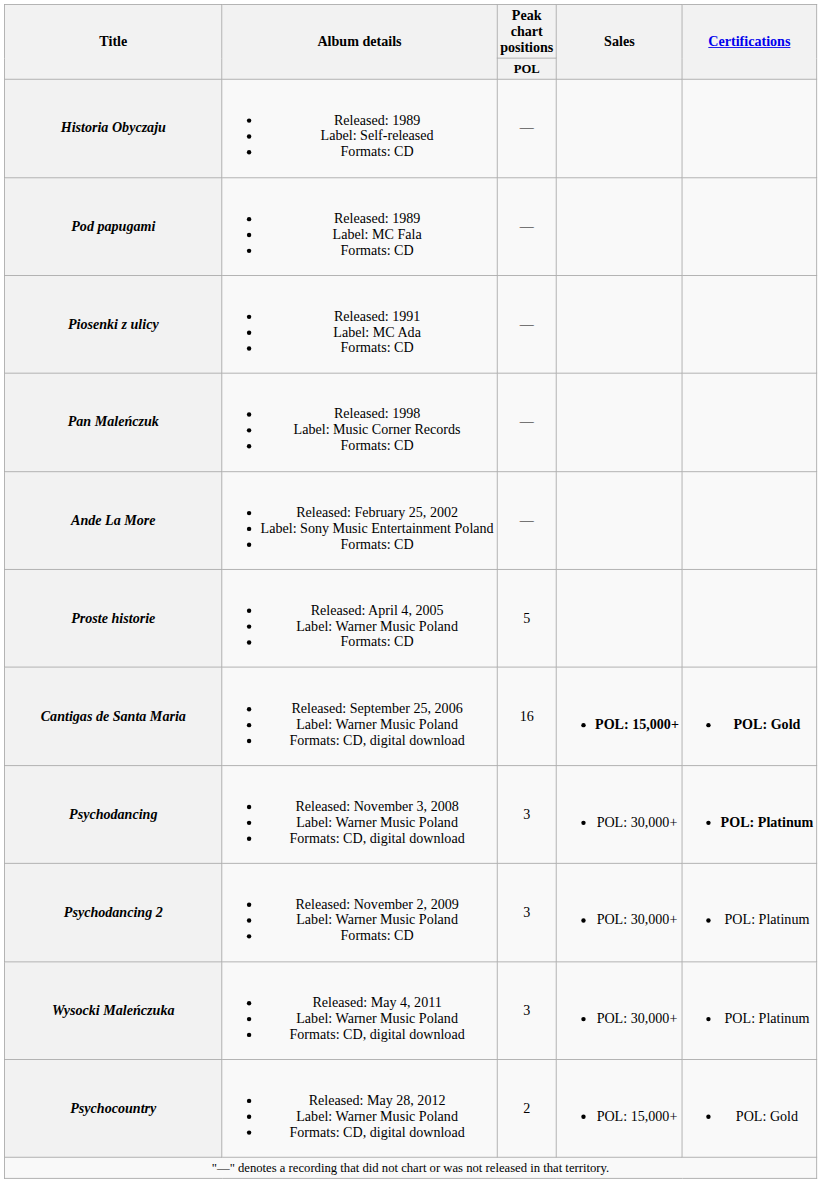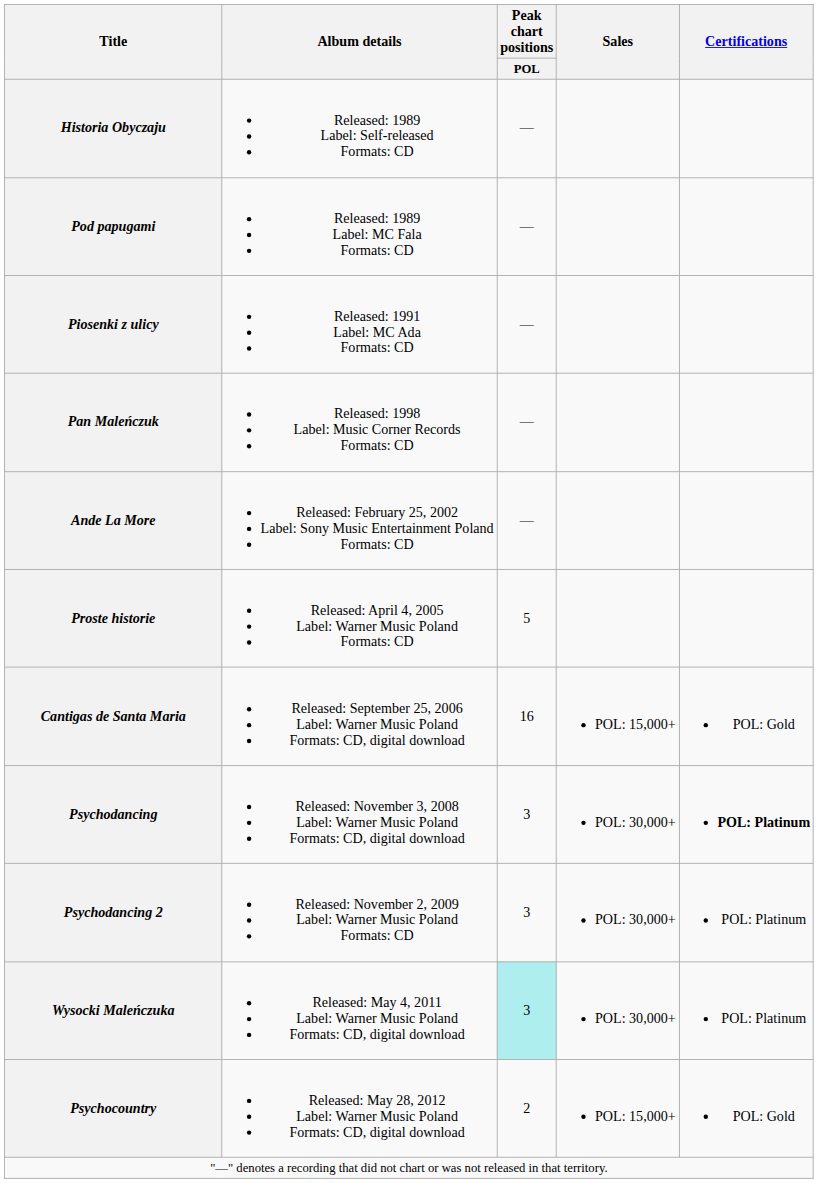 <table class="wikitable plainrowheaders" style="text-align:center;">
 <tr>
 <th scope="col" rowspan="2" style="width:15em;">Title</th>
 <th scope="col" rowspan="2">Album details</th>
 <th scope="col" colspan="1">Peak chart positions</th>
 <th scope="col" rowspan="2">Sales</th>
 <th scope="col" rowspan="2"><a href='#'>Certifications</a></th>
 </tr>
 <tr>
 <th scope="col" style="width:3em;font-size:90%;">POL<br></th>
 </tr>
 <tr>
 <th scope="row"><em>Historia Obyczaju</em></th>
 <td><br><ul><li>Released: 1989</li><li>Label: Self-released</li><li>Formats: CD</li></ul></td>
 <td>—</td>
 <td></td>
 <td></td>
 </tr>
 <tr>
 <th scope="row"><em>Pod papugami</em></th>
 <td><br><ul><li>Released: 1989</li><li>Label: MC Fala</li><li>Formats: CD</li></ul></td>
 <td>—</td>
 <td></td>
 <td></td>
 </tr>
 <tr>
 <th scope="row"><em>Piosenki z ulicy</em></th>
 <td><br><ul><li>Released: 1991</li><li>Label: MC Ada</li><li>Formats: CD</li></ul></td>
 <td>—</td>
 <td></td>
 <td></td>
 </tr>
 <tr>
 <th scope="row"><em>Pan Maleńczuk</em></th>
 <td><br><ul><li>Released: 1998</li><li>Label: Music Corner Records</li><li>Formats: CD</li></ul></td>
 <td>—</td>
 <td></td>
 <td></td>
 </tr>
 <tr>
 <th scope="row"><em>Ande La More</em></th>
 <td><br><ul><li>Released: February 25, 2002</li><li>Label: Sony Music Entertainment Poland</li><li>Formats: CD</li></ul></td>
 <td>—</td>
 <td></td>
 <td></td>
 </tr>
 <tr>
 <th scope="row"><em>Proste historie</em></th>
 <td><br><ul><li>Released: April 4, 2005</li><li>Label: Warner Music Poland</li><li>Formats: CD</li></ul></td>
 <td>5</td>
 <td></td>
 <td></td>
 </tr>
 <tr>
 <th scope="row"><em>Cantigas de Santa Maria</em></th>
 <td><br><ul><li>Released: September 25, 2006</li><li>Label: Warner Music Poland</li><li>Formats: CD, digital download</li></ul></td>
 <td>16</td>
-<td><strong><br><ul><li>POL: 15,000+</li></ul></strong></td>
-<td><strong><br><ul><li>POL: Gold</li></ul></strong></td>
+<td><br><ul><li>POL: 15,000+</li></ul></td>
+<td><br><ul><li>POL: Gold</li></ul></td>
 </tr>
 <tr>
 <th scope="row"><em>Psychodancing</em></th>
 <td><br><ul><li>Released: November 3, 2008</li><li>Label: Warner Music Poland</li><li>Formats: CD, digital download</li></ul></td>
 <td>3</td>
 <td><br><ul><li>POL: 30,000+</li></ul></td>
 <td><strong><br><ul><li>POL: Platinum</li></ul></strong></td>
 </tr>
 <tr>
 <th scope="row"><em>Psychodancing 2</em></th>
 <td><br><ul><li>Released: November 2, 2009</li><li>Label: Warner Music Poland</li><li>Formats: CD</li></ul></td>
 <td>3</td>
 <td><br><ul><li>POL: 30,000+</li></ul></td>
 <td><br><ul><li>POL: Platinum</li></ul></td>
 </tr>
 <tr>
 <th scope="row"><em>Wysocki Maleńczuka</em></th>
 <td><br><ul><li>Released: May 4, 2011</li><li>Label: Warner Music Poland</li><li>Formats: CD, digital download</li></ul></td>
-<td>3</td>
+<td style="background: paleturquoise;">3</td>
 <td><br><ul><li>POL: 30,000+</li></ul></td>
 <td><br><ul><li>POL: Platinum</li></ul></td>
 </tr>
 <tr>
 <th scope="row"><em>Psychocountry</em></th>
 <td><br><ul><li>Released: May 28, 2012</li><li>Label: Warner Music Poland</li><li>Formats: CD, digital download</li></ul></td>
 <td>2</td>
 <td><br><ul><li>POL: 15,000+</li></ul></td>
 <td><br><ul><li>POL: Gold</li></ul></td>
 </tr>
 <tr>
 <td colspan="20" style="font-size:90%">"—" denotes a recording that did not chart or was not released in that territory.</td>
 </tr>
 </table>
